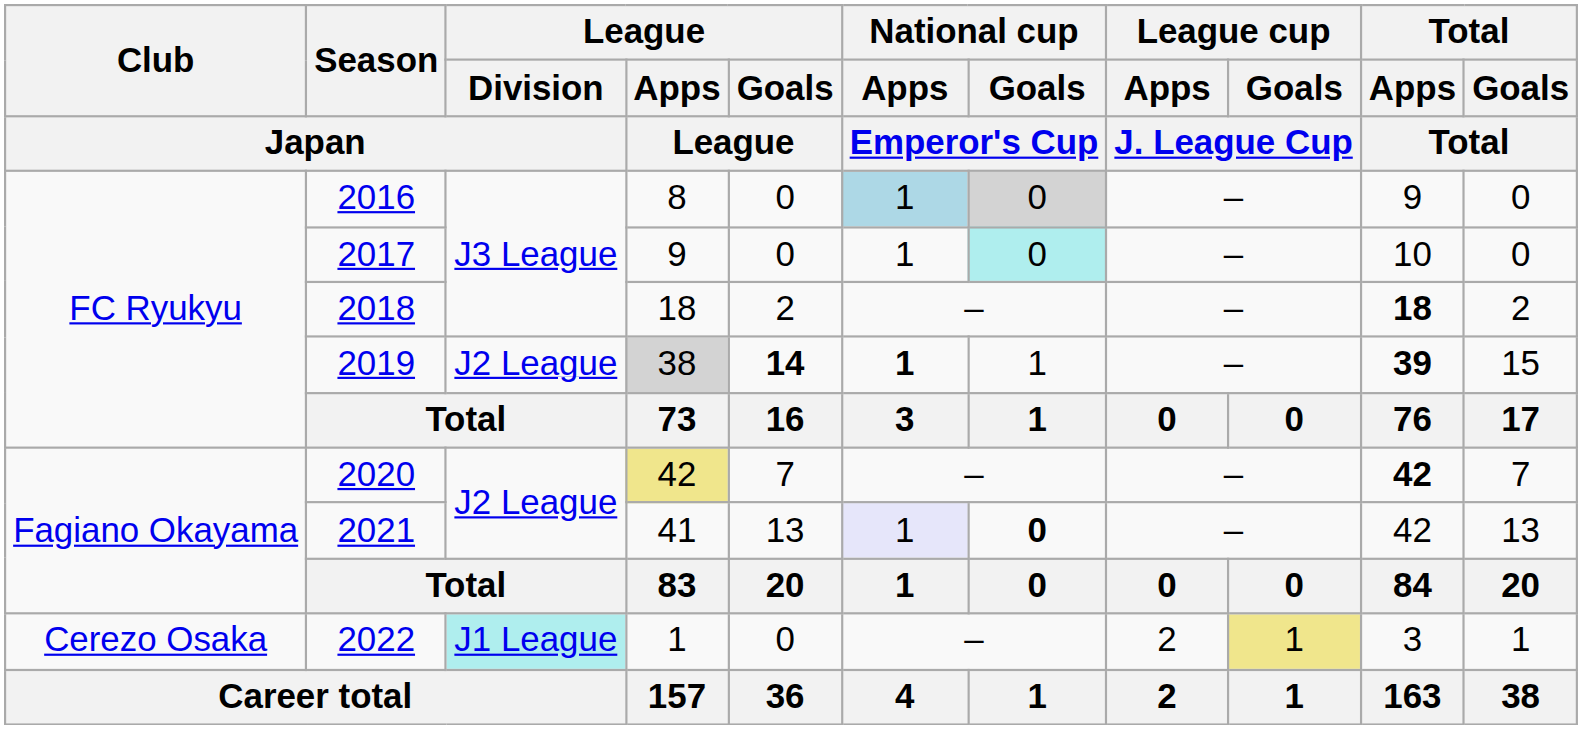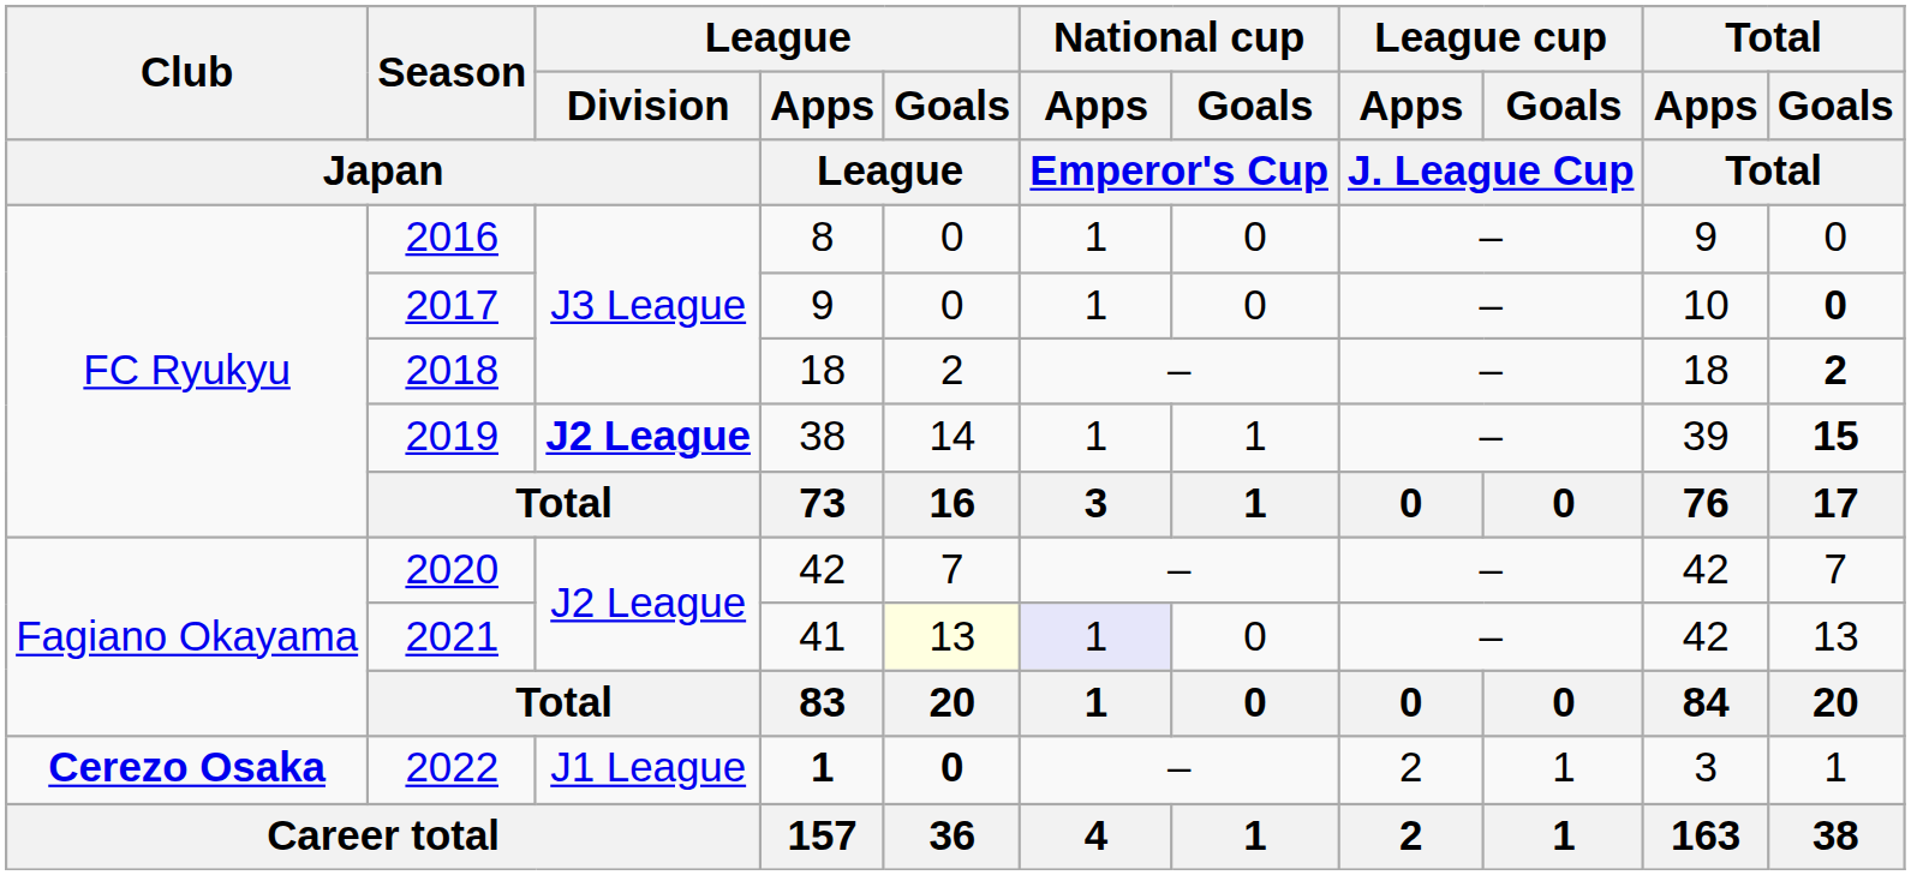 <table class="wikitable" style="text-align:center">
 <tr>
 <th rowspan=2>Club</th>
 <th rowspan=2>Season</th>
 <th colspan=3>League</th>
 <th colspan=2>National cup</th>
 <th colspan=2>League cup</th>
 <th colspan=2>Total</th>
 </tr>
 <tr>
 <th>Division</th>
 <th>Apps</th>
 <th>Goals</th>
 <th>Apps</th>
 <th>Goals</th>
 <th>Apps</th>
 <th>Goals</th>
 <th>Apps</th>
 <th>Goals</th>
 </tr>
 <tr>
 <th colspan=3>Japan</th>
 <th colspan=2>League</th>
 <th colspan=2><a href='#'>Emperor's Cup</a></th>
 <th colspan=2><a href='#'>J. League Cup</a></th>
 <th colspan=2>Total</th>
 </tr>
 <tr>
 <td rowspan="5"><a href='#'>FC Ryukyu</a></td>
 <td><a href='#'>2016</a></td>
 <td rowspan="3"><a href='#'>J3 League</a></td>
 <td>8</td>
 <td>0</td>
-<td style="background: lightblue;">1</td>
-<td style="background: lightgrey;">0</td>
+<td>1</td>
+<td>0</td>
 <td colspan="2">–</td>
 <td>9</td>
 <td>0</td>
 </tr>
 <tr>
 <td><a href='#'>2017</a></td>
 <td>9</td>
 <td>0</td>
 <td>1</td>
-<td style="background: paleturquoise;">0</td>
+<td>0</td>
 <td colspan="2">–</td>
 <td>10</td>
-<td>0</td>
+<td><strong>0</strong></td>
 </tr>
 <tr>
 <td><a href='#'>2018</a></td>
 <td>18</td>
 <td>2</td>
 <td colspan="2">–</td>
 <td colspan="2">–</td>
-<td><strong>18</strong></td>
-<td>2</td>
+<td>18</td>
+<td><strong>2</strong></td>
 </tr>
 <tr>
 <td><a href='#'>2019</a></td>
-<td><a href='#'>J2 League</a></td>
-<td style="background: lightgrey;">38</td>
-<td><strong>14</strong></td>
-<td><strong>1</strong></td>
+<td><strong><a href='#'>J2 League</a></strong></td>
+<td>38</td>
+<td>14</td>
+<td>1</td>
 <td>1</td>
 <td colspan="2">–</td>
-<td><strong>39</strong></td>
-<td>15</td>
+<td>39</td>
+<td><strong>15</strong></td>
 </tr>
 <tr>
 <th colspan="2">Total</th>
 <th>73</th>
 <th>16</th>
 <th>3</th>
 <th>1</th>
 <th>0</th>
 <th>0</th>
 <th>76</th>
 <th>17</th>
 </tr>
 <tr>
 <td rowspan="3"><a href='#'>Fagiano Okayama</a></td>
 <td><a href='#'>2020</a></td>
 <td rowspan="2"><a href='#'>J2 League</a></td>
-<td style="background: khaki;">42</td>
+<td>42</td>
 <td>7</td>
 <td colspan="2">–</td>
 <td colspan="2">–</td>
-<td><strong>42</strong></td>
+<td>42</td>
 <td>7</td>
 </tr>
 <tr>
 <td><a href='#'>2021</a></td>
 <td>41</td>
-<td>13</td>
+<td style="background: lightyellow;">13</td>
 <td style="background: lavender;">1</td>
-<td><strong>0</strong></td>
+<td>0</td>
 <td colspan="2">–</td>
 <td>42</td>
 <td>13</td>
 </tr>
 <tr>
 <th colspan="2">Total</th>
 <th>83</th>
 <th>20</th>
 <th>1</th>
 <th>0</th>
 <th>0</th>
 <th>0</th>
 <th>84</th>
 <th>20</th>
 </tr>
 <tr>
-<td><a href='#'>Cerezo Osaka</a></td>
+<td><strong><a href='#'>Cerezo Osaka</a></strong></td>
 <td><a href='#'>2022</a></td>
-<td style="background: paleturquoise;"><a href='#'>J1 League</a></td>
-<td>1</td>
-<td>0</td>
+<td><a href='#'>J1 League</a></td>
+<td><strong>1</strong></td>
+<td><strong>0</strong></td>
 <td colspan="2">–</td>
 <td>2</td>
-<td style="background: khaki;">1</td>
+<td>1</td>
 <td>3</td>
 <td>1</td>
 </tr>
 <tr>
 <th colspan=3>Career total</th>
 <th>157</th>
 <th>36</th>
 <th>4</th>
 <th>1</th>
 <th>2</th>
 <th>1</th>
 <th>163</th>
 <th>38</th>
 </tr>
 </table>
